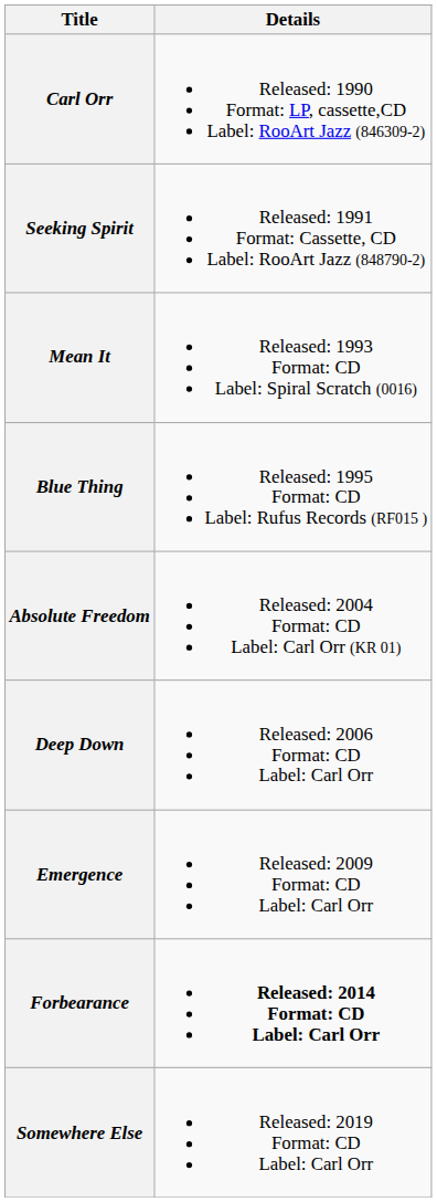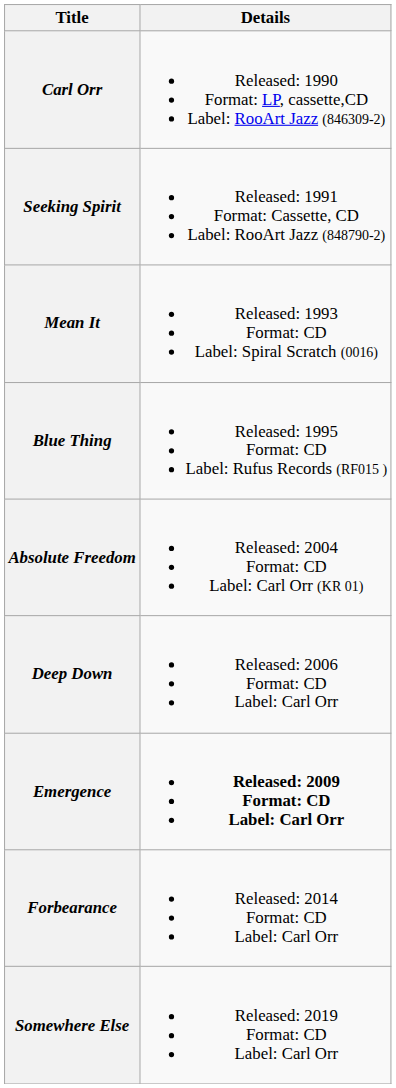 <table class="wikitable plainrowheaders" style="text-align:center;" border="1">
 <tr>
 <th>Title</th>
 <th>Details</th>
 </tr>
 <tr>
 <th scope="row"><em>Carl Orr</em></th>
 <td><br><ul><li>Released: 1990</li><li>Format: <a href='#'>LP</a>, cassette,CD</li><li>Label: <a href='#'>RooArt Jazz</a> <small>(846309-2)</small></li></ul></td>
 </tr>
 <tr>
 <th scope="row"><em>Seeking Spirit</em></th>
 <td><br><ul><li>Released: 1991</li><li>Format: Cassette, CD</li><li>Label: RooArt Jazz <small>(848790-2)</small></li></ul></td>
 </tr>
 <tr>
 <th scope="row"><em>Mean It</em></th>
 <td><br><ul><li>Released: 1993</li><li>Format: CD</li><li>Label: Spiral Scratch <small>(0016)</small></li></ul></td>
 </tr>
 <tr>
 <th scope="row"><em>Blue Thing</em></th>
 <td><br><ul><li>Released: 1995</li><li>Format: CD</li><li>Label: Rufus Records <small>(RF015 )</small></li></ul></td>
 </tr>
 <tr>
 <th scope="row"><em>Absolute Freedom</em></th>
 <td><br><ul><li>Released: 2004</li><li>Format: CD</li><li>Label: Carl Orr <small>(KR 01)</small></li></ul></td>
 </tr>
 <tr>
 <th scope="row"><em>Deep Down</em></th>
 <td><br><ul><li>Released: 2006</li><li>Format: CD</li><li>Label: Carl Orr</li></ul></td>
 </tr>
 <tr>
 <th scope="row"><em>Emergence</em></th>
-<td><br><ul><li>Released: 2009</li><li>Format: CD</li><li>Label: Carl Orr</li></ul></td>
+<td><strong><br><ul><li>Released: 2009</li><li>Format: CD</li><li>Label: Carl Orr</li></ul></strong></td>
 </tr>
 <tr>
 <th scope="row"><em>Forbearance</em></th>
-<td><strong><br><ul><li>Released: 2014</li><li>Format: CD</li><li>Label: Carl Orr</li></ul></strong></td>
+<td><br><ul><li>Released: 2014</li><li>Format: CD</li><li>Label: Carl Orr</li></ul></td>
 </tr>
 <tr>
 <th scope="row"><em>Somewhere Else</em></th>
 <td><br><ul><li>Released: 2019</li><li>Format: CD</li><li>Label: Carl Orr</li></ul></td>
 </tr>
 </table>
